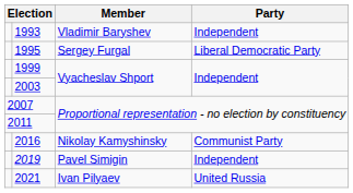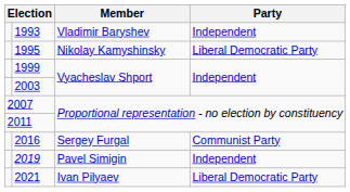 <table class="wikitable">
 <tr>
 <th colspan="2">Election</th>
 <th>Member</th>
 <th>Party</th>
 </tr>
 <tr>
 <td style="background-color: "></td>
 <td><a href='#'>1993</a></td>
 <td><a href='#'>Vladimir Baryshev</a></td>
 <td><a href='#'>Independent</a></td>
 </tr>
 <tr>
 <td style="background-color: "></td>
 <td><a href='#'>1995</a></td>
-<td><a href='#'>Sergey Furgal</a></td>
+<td><a href='#'>Nikolay Kamyshinsky</a></td>
 <td><a href='#'>Liberal Democratic Party</a></td>
 </tr>
 <tr>
 <td style="background-color: "></td>
 <td><a href='#'>1999</a></td>
 <td rowspan=2><a href='#'>Vyacheslav Shport</a></td>
 <td rowspan=2><a href='#'>Independent</a></td>
 </tr>
 <tr>
 <td style="background-color: "></td>
 <td><a href='#'>2003</a></td>
 </tr>
 <tr>
 <td colspan=2><a href='#'>2007</a></td>
 <td colspan=2 rowspan=2><em><a href='#'>Proportional representation</a> - no election by constituency</em></td>
 </tr>
 <tr>
 <td colspan=2><a href='#'>2011</a></td>
 </tr>
 <tr>
 <td style="background-color: "></td>
 <td><a href='#'>2016</a></td>
-<td><a href='#'>Nikolay Kamyshinsky</a></td>
+<td><a href='#'>Sergey Furgal</a></td>
 <td><a href='#'>Communist Party</a></td>
 </tr>
 <tr>
 <td style="background-color: "></td>
 <td><em><a href='#'>2019</a></em></td>
 <td><a href='#'>Pavel Simigin</a></td>
 <td><a href='#'>Independent</a></td>
 </tr>
 <tr>
 <td style="background-color: "></td>
 <td><a href='#'>2021</a></td>
 <td><a href='#'>Ivan Pilyaev</a></td>
-<td><a href='#'>United Russia</a></td>
+<td><a href='#'>Liberal Democratic Party</a></td>
 </tr>
 </table>
